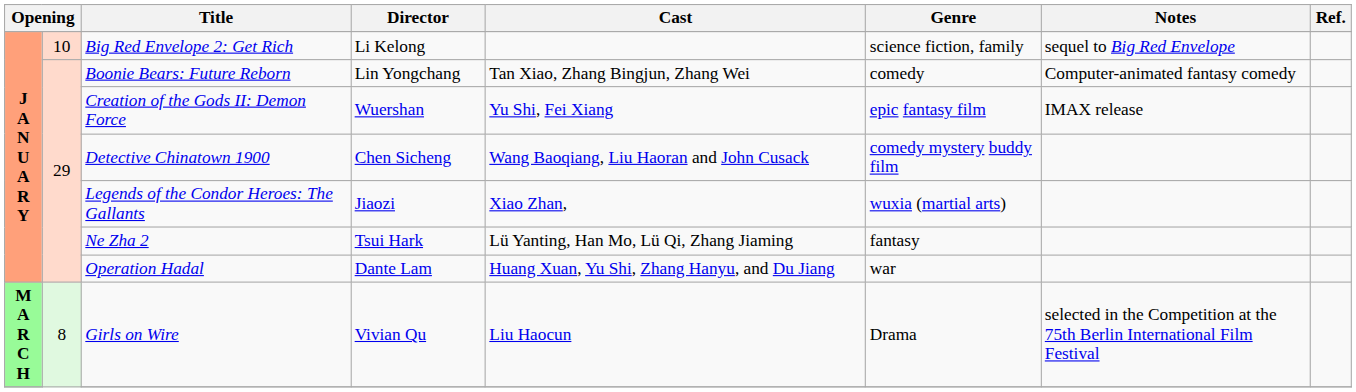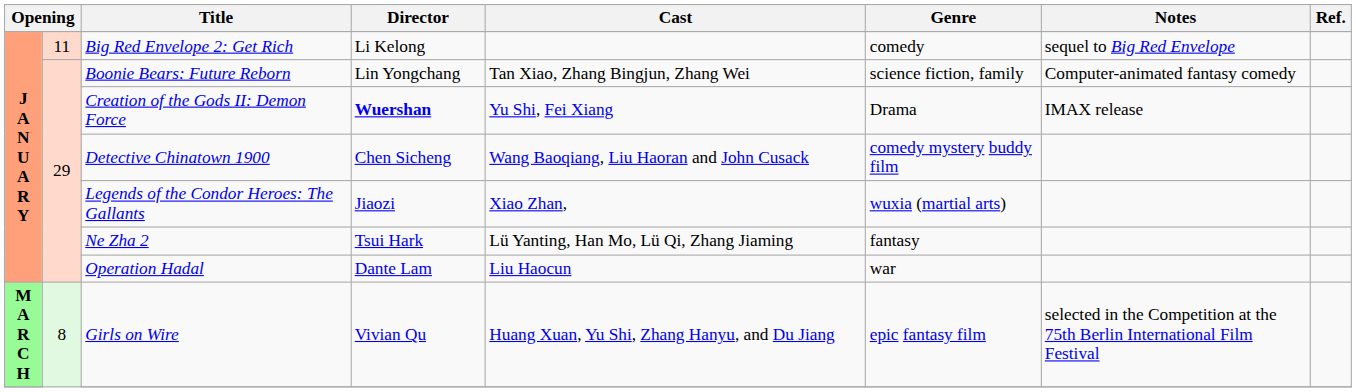 <table class="wikitable">
 <tr>
 <th colspan="2">Opening</th>
 <th style="width:20%;">Title</th>
 <th style="width:10%;">Director</th>
 <th>Cast</th>
 <th style="width:13%">Genre</th>
 <th style="width:20%">Notes</th>
 <th>Ref.</th>
 </tr>
 <tr>
 </tr>
 <tr>
 <th rowspan="7" style="text-align:center; background:#ffa07a; textcolor:#000;">J<br>A<br>N<br>U<br>A<br>R<br>Y</th>
-<td style="text-align:center; background:#ffdacc; textcolor:#000;"rowspan="1">10</td>
+<td style="text-align:center; background:#ffdacc; textcolor:#000;"rowspan="1">11</td>
 <td><em><a href='#'>Big Red Envelope 2: Get Rich</a></em></td>
 <td>Li Kelong</td>
 <td></td>
-<td>science fiction, family</td>
+<td>comedy</td>
 <td>sequel to <em><a href='#'>Big Red Envelope</a></em></td>
 <td></td>
 </tr>
 <tr>
 <td style="text-align:center; background:#ffdacc; textcolor:#000;"rowspan="6">29</td>
 <td><em><a href='#'>Boonie Bears: Future Reborn</a></em></td>
 <td>Lin Yongchang</td>
 <td>Tan Xiao, Zhang Bingjun, Zhang Wei</td>
-<td>comedy</td>
+<td>science fiction, family</td>
 <td>Computer-animated fantasy comedy</td>
 <td></td>
 </tr>
 <tr>
 <td><em><a href='#'>Creation of the Gods II: Demon Force</a></em></td>
-<td><a href='#'>Wuershan</a></td>
+<td><strong><a href='#'>Wuershan</a></strong></td>
 <td><a href='#'>Yu Shi</a>, <a href='#'>Fei Xiang</a></td>
-<td><a href='#'>epic</a> <a href='#'>fantasy film</a></td>
+<td>Drama</td>
 <td>IMAX release</td>
 <td style="text-align:center;"></td>
 </tr>
 <tr>
 <td><em><a href='#'>Detective Chinatown 1900</a></em></td>
 <td><a href='#'>Chen Sicheng</a></td>
 <td><a href='#'>Wang Baoqiang</a>, <a href='#'>Liu Haoran</a> and <a href='#'>John Cusack</a></td>
 <td><a href='#'>comedy mystery</a> <a href='#'>buddy film</a></td>
 <td></td>
 <td style="text-align:center;"></td>
 </tr>
 <tr>
 <td><em><a href='#'>Legends of the Condor Heroes: The Gallants</a></em></td>
 <td><a href='#'>Jiaozi</a></td>
 <td><a href='#'>Xiao Zhan</a>, </td>
 <td><a href='#'>wuxia</a> (<a href='#'>martial arts</a>)</td>
 <td></td>
 <td style="text-align:center;"></td>
 </tr>
 <tr>
 <td><em><a href='#'>Ne Zha 2</a></em></td>
 <td><a href='#'>Tsui Hark</a></td>
 <td>Lü Yanting, Han Mo, Lü Qi, Zhang Jiaming</td>
 <td>fantasy</td>
 <td></td>
 <td></td>
 </tr>
 <tr>
 <td><em><a href='#'>Operation Hadal</a></em></td>
 <td><a href='#'>Dante Lam</a></td>
-<td><a href='#'>Huang Xuan</a>, <a href='#'>Yu Shi</a>, <a href='#'>Zhang Hanyu</a>, and <a href='#'>Du Jiang</a></td>
+<td><a href='#'>Liu Haocun</a></td>
 <td>war</td>
 <td></td>
 <td></td>
 </tr>
 <tr>
 <th rowspan="1" style="text-align:center; background:#98fb98; textcolor:#000;">M<br>A<br>R<br>C<br>H</th>
 <td rowspan="2" style="text-align:center; background:#e0f9e0; textcolor:#000;">8</td>
 <td><em><a href='#'>Girls on Wire</a></em></td>
 <td><a href='#'>Vivian Qu</a></td>
-<td><a href='#'>Liu Haocun</a></td>
-<td>Drama</td>
+<td><a href='#'>Huang Xuan</a>, <a href='#'>Yu Shi</a>, <a href='#'>Zhang Hanyu</a>, and <a href='#'>Du Jiang</a></td>
+<td><a href='#'>epic</a> <a href='#'>fantasy film</a></td>
 <td>selected in the Competition at the <a href='#'>75th Berlin International Film Festival</a></td>
 <td style="text-align:center;"></td>
 </tr>
 <tr>
 </tr>
 </table>
